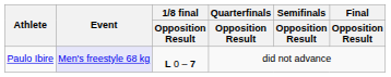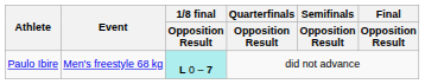 <table class="wikitable" border="1" style="font-size:90%">
 <tr>
 <th rowspan=2>Athlete</th>
 <th rowspan=2>Event</th>
 <th>1/8 final</th>
 <th>Quarterfinals</th>
 <th>Semifinals</th>
 <th>Final</th>
 </tr>
 <tr>
 <th>Opposition<br>Result</th>
 <th>Opposition<br>Result</th>
 <th>Opposition<br>Result</th>
 <th>Opposition<br>Result</th>
 </tr>
 <tr>
 <td><a href='#'>Paulo Ibire</a></td>
-<td style="background: lavender;"><a href='#'>Men's freestyle 68 kg</a></td>
-<td align=center> <br> <strong>L</strong> 0 – <strong>7</strong></td>
+<td><a href='#'>Men's freestyle 68 kg</a></td>
+<td align=center style="background: paleturquoise;"> <br> <strong>L</strong> 0 – <strong>7</strong></td>
 <td align=center colspan=3>did not advance</td>
 </tr>
 </table>
